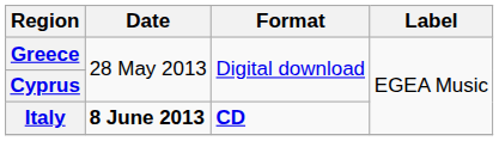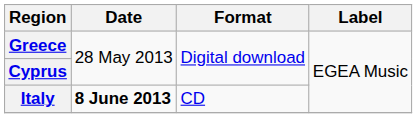 <table class="wikitable plainrowheaders">
 <tr>
 <th scope="col">Region</th>
 <th scope="col">Date</th>
 <th scope="col">Format</th>
 <th scope="col">Label</th>
 </tr>
 <tr>
 <th scope="row"><a href='#'>Greece</a></th>
 <td rowspan="2">28 May 2013</td>
 <td rowspan="2"><a href='#'>Digital download</a></td>
 <td rowspan="3">EGEA Music</td>
 </tr>
 <tr>
 <th scope="row"><a href='#'>Cyprus</a></th>
 </tr>
 <tr>
 <th scope="row"><a href='#'>Italy</a></th>
 <td><strong>8 June 2013</strong></td>
-<td><strong><a href='#'>CD</a></strong></td>
+<td><a href='#'>CD</a></td>
 </tr>
 <tr>
 </tr>
 </table>
